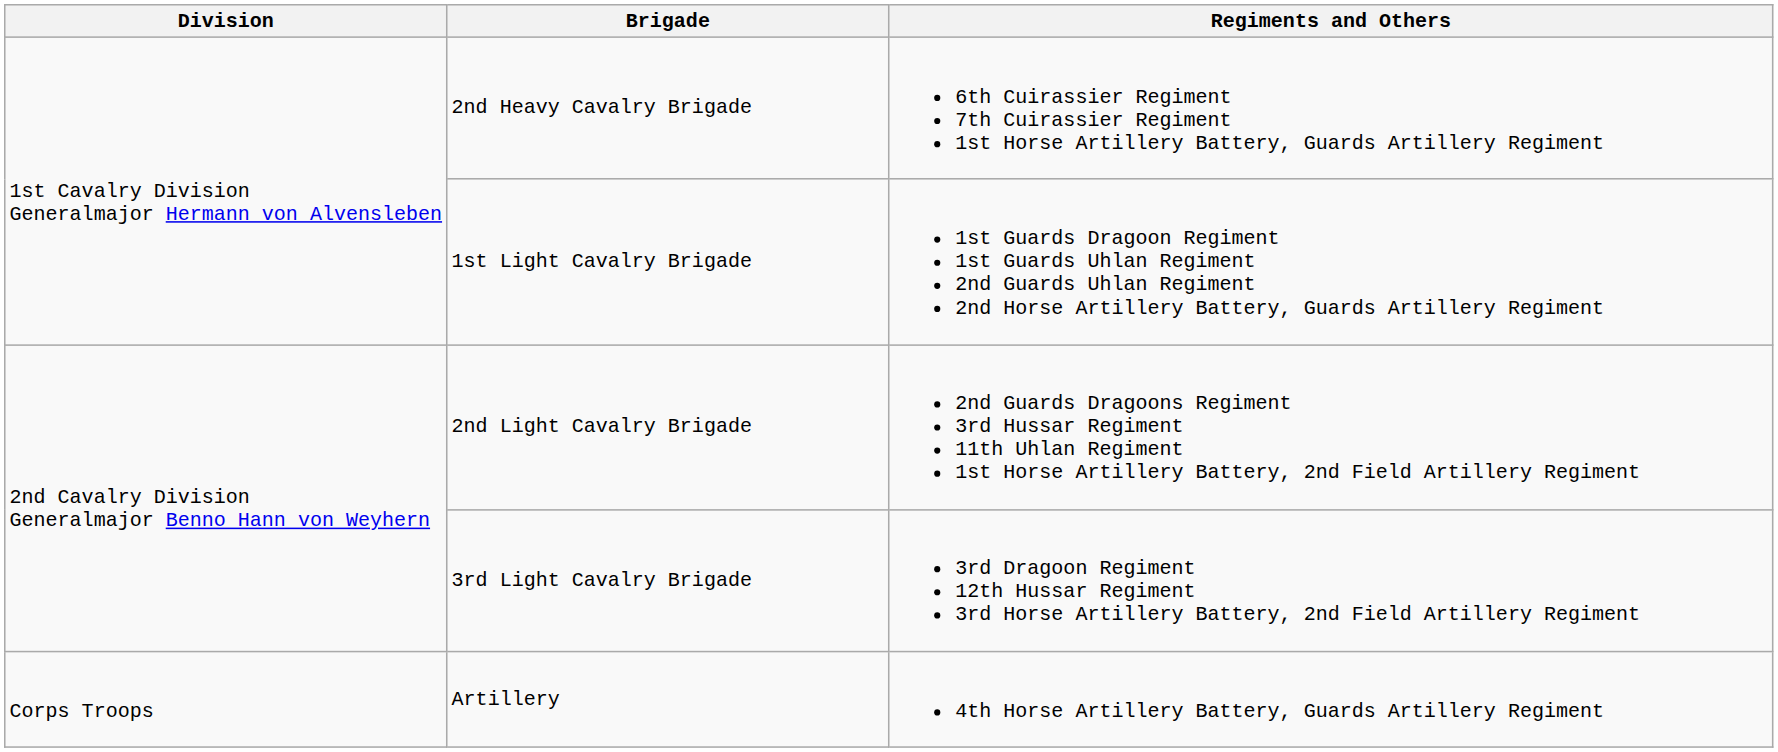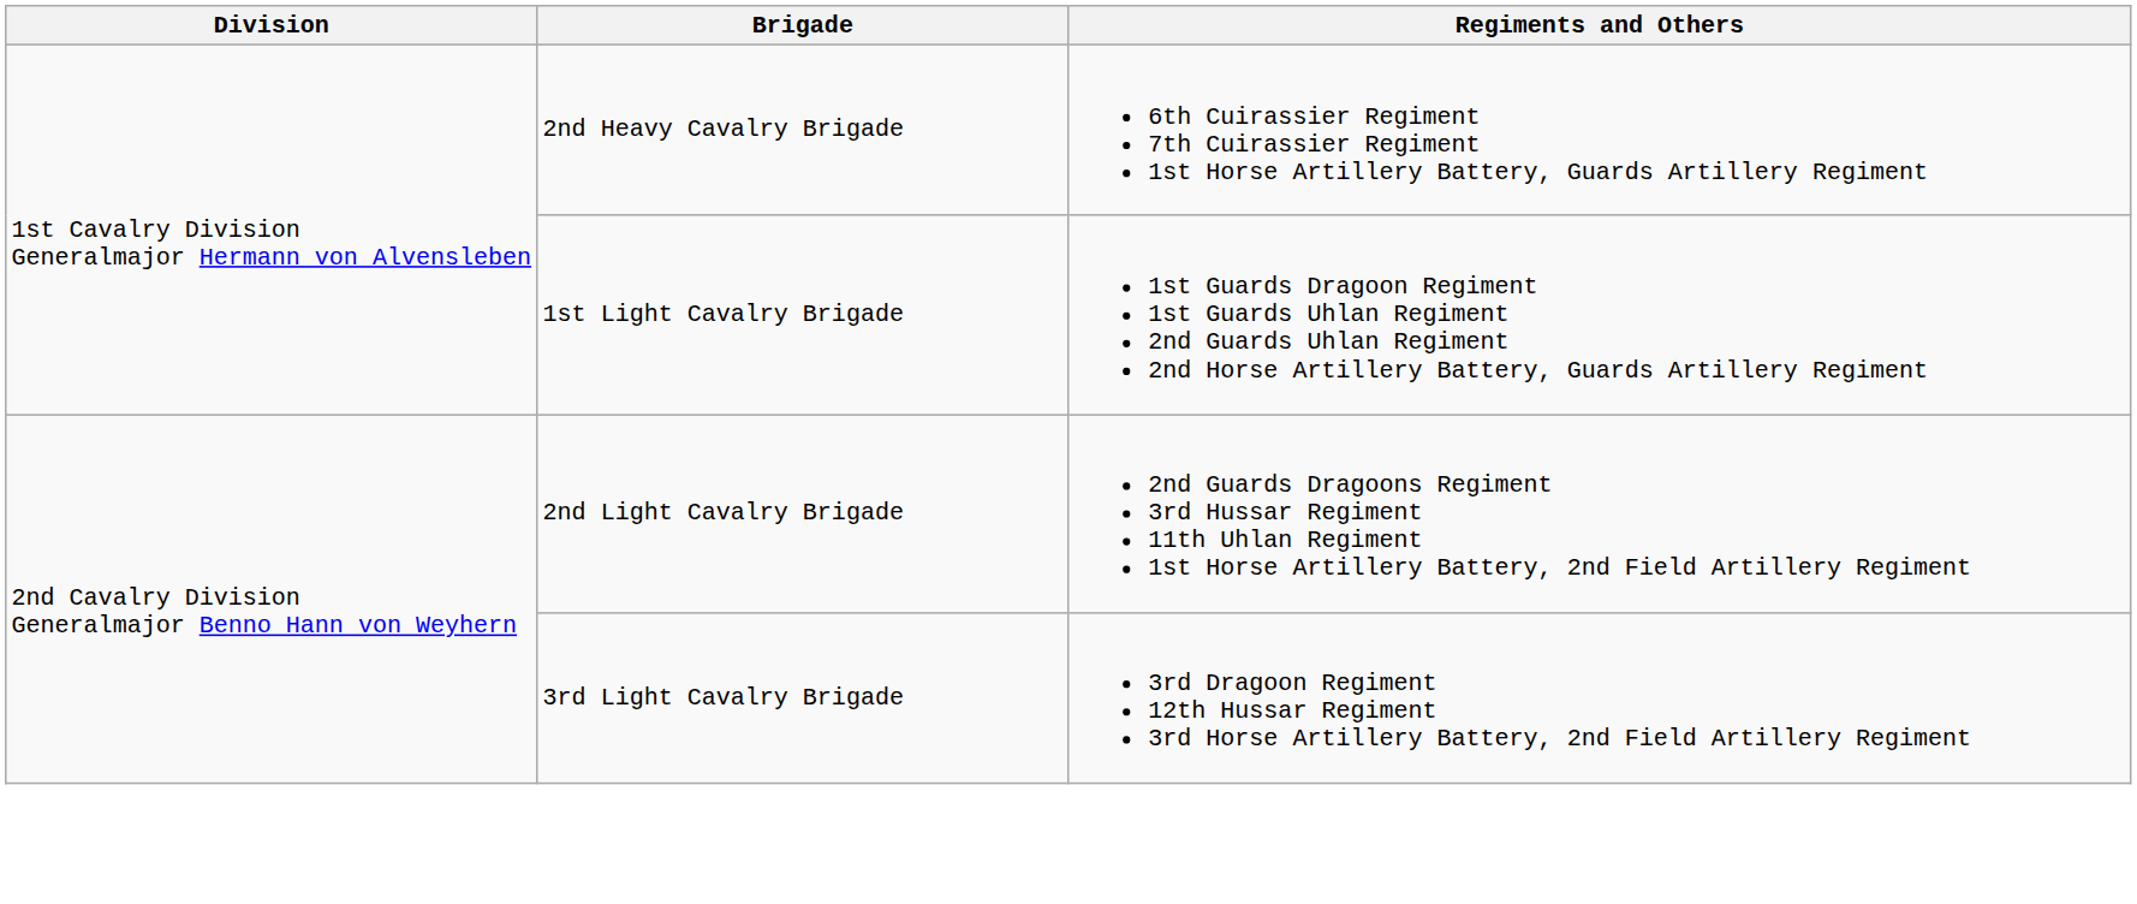 <table class="wikitable">
 <tr>
 <th style="width:25%;">Division</th>
 <th style="width:25%;">Brigade</th>
 <th>Regiments and Others</th>
 </tr>
 <tr>
 <td rowspan=2><br>1st Cavalry Division <br> Generalmajor <a href='#'>Hermann von Alvensleben</a></td>
 <td>2nd Heavy Cavalry Brigade</td>
 <td><br><ul><li>6th Cuirassier Regiment</li><li>7th Cuirassier Regiment</li><li>1st Horse Artillery Battery, Guards Artillery Regiment</li></ul></td>
 </tr>
 <tr>
 <td>1st Light Cavalry Brigade</td>
 <td><br><ul><li>1st Guards Dragoon Regiment</li><li>1st Guards Uhlan Regiment</li><li>2nd Guards Uhlan Regiment</li><li>2nd Horse Artillery Battery, Guards Artillery Regiment</li></ul></td>
 </tr>
 <tr>
 <td rowspan=2><br>2nd Cavalry Division <br> Generalmajor <a href='#'>Benno Hann von Weyhern</a></td>
 <td>2nd Light Cavalry Brigade</td>
 <td><br><ul><li>2nd Guards Dragoons Regiment</li><li>3rd Hussar Regiment</li><li>11th Uhlan Regiment</li><li>1st Horse Artillery Battery, 2nd Field Artillery Regiment</li></ul></td>
 </tr>
 <tr>
 <td>3rd Light Cavalry Brigade</td>
 <td><br><ul><li>3rd Dragoon Regiment</li><li>12th Hussar Regiment</li><li>3rd Horse Artillery Battery, 2nd Field Artillery Regiment</li></ul></td>
 </tr>
-<tr>
-<td rowspan=1><br>Corps Troops</td>
-<td>Artillery</td>
-<td><br><ul><li>4th Horse Artillery Battery, Guards Artillery Regiment</li></ul></td>
-</tr>
 </table>
